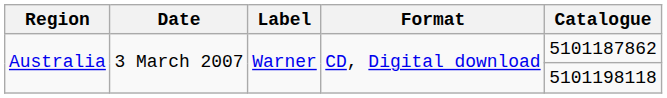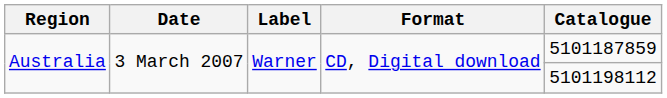 <table class="wikitable">
 <tr>
 <th>Region</th>
 <th>Date</th>
 <th>Label</th>
 <th>Format</th>
 <th>Catalogue</th>
 </tr>
 <tr>
 <td rowspan="2"><a href='#'>Australia</a></td>
 <td rowspan="2">3 March 2007</td>
 <td rowspan="2"><a href='#'>Warner</a></td>
 <td rowspan="2"><a href='#'>CD</a>, <a href='#'>Digital download</a></td>
-<td>5101187862</td>
+<td>5101187859</td>
 </tr>
 <tr>
-<td>5101198118</td>
+<td>5101198112</td>
 </tr>
 </table>
